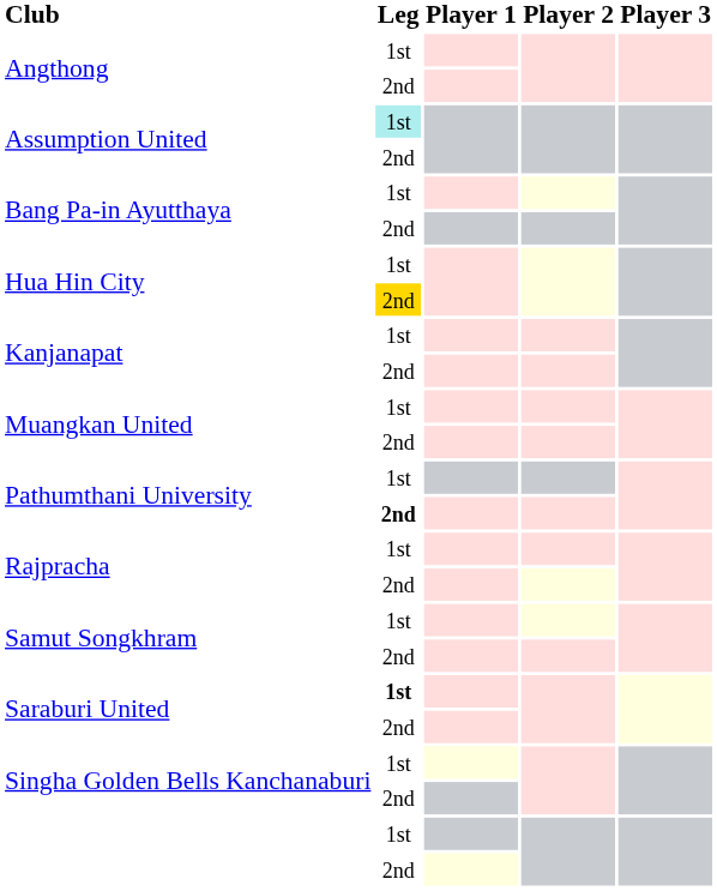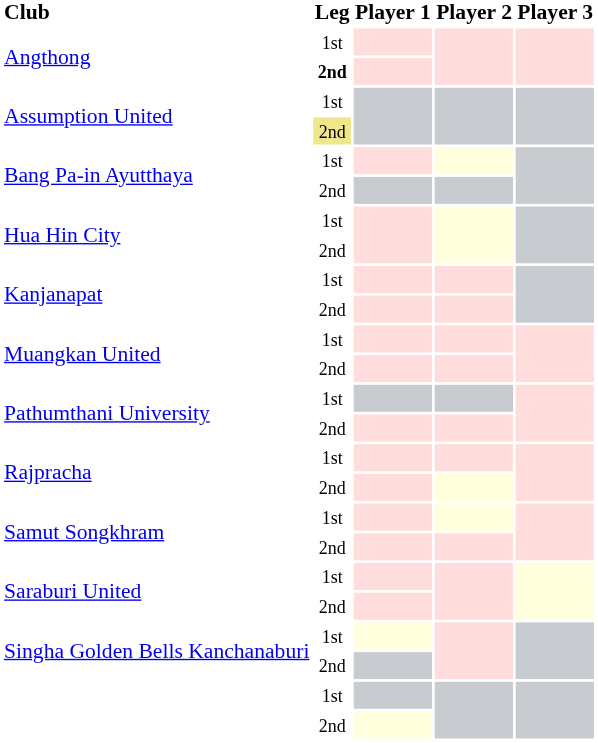 <table class="sortable" style="text-align:left">
 <tr>
 <th>Club</th>
 <th>Leg</th>
 <th>Player 1</th>
 <th>Player 2</th>
 <th>Player 3</th>
 </tr>
 <tr>
 <td rowspan="2"><a href='#'>Angthong</a></td>
 <td align="center"><small>1st</small></td>
 <td bgcolor="#ffdddd"></td>
 <td bgcolor="#ffdddd"rowspan="2"></td>
 <td bgcolor="#ffdddd"rowspan="2"></td>
 </tr>
 <tr>
-<td align="center"><small>2nd</small></td>
+<td align="center"><strong><small>2nd</small></strong></td>
 <td bgcolor="#ffdddd"></td>
 </tr>
 <tr>
 <td rowspan="2"><a href='#'>Assumption United</a></td>
-<td align="center" style="background: paleturquoise;"><small>1st</small></td>
+<td align="center"><small>1st</small></td>
 <td bgcolor="#c8ccd1"rowspan="2"></td>
 <td bgcolor="#c8ccd1"rowspan="2"></td>
 <td bgcolor="#c8ccd1"rowspan="2"></td>
 </tr>
 <tr>
-<td align="center"><small>2nd</small></td>
+<td align="center" style="background: khaki;"><small>2nd</small></td>
 </tr>
 <tr>
 <td rowspan="2"><a href='#'>Bang Pa-in Ayutthaya</a></td>
 <td align="center"><small>1st</small></td>
 <td bgcolor="#ffdddd"></td>
 <td bgcolor="#ffffdd"></td>
 <td bgcolor="#c8ccd1"rowspan="2"></td>
 </tr>
 <tr>
 <td align="center"><small>2nd</small></td>
 <td bgcolor="#c8ccd1"></td>
 <td bgcolor="#c8ccd1"></td>
 </tr>
 <tr>
 <td rowspan="2"><a href='#'>Hua Hin City</a></td>
 <td align="center"><small>1st</small></td>
 <td bgcolor="#ffdddd"rowspan="2"></td>
 <td bgcolor="#ffffdd"rowspan="2"></td>
 <td bgcolor="#c8ccd1"rowspan="2"></td>
 </tr>
 <tr>
-<td align="center" style="background: gold;"><small>2nd</small></td>
+<td align="center"><small>2nd</small></td>
 </tr>
 <tr>
 <td rowspan="2"><a href='#'>Kanjanapat</a></td>
 <td align="center"><small>1st</small></td>
 <td bgcolor="#ffdddd"></td>
 <td bgcolor="#ffdddd"></td>
 <td bgcolor="#c8ccd1"rowspan="2"></td>
 </tr>
 <tr>
 <td align="center"><small>2nd</small></td>
 <td bgcolor="#ffdddd"></td>
 <td bgcolor="#ffdddd"></td>
 </tr>
 <tr>
 <td rowspan="2"><a href='#'>Muangkan United</a></td>
 <td align="center"><small>1st</small></td>
 <td bgcolor="#ffdddd"></td>
 <td bgcolor="#ffdddd"></td>
 <td bgcolor="#ffdddd"rowspan="2"></td>
 </tr>
 <tr>
 <td align="center"><small>2nd</small></td>
 <td bgcolor="#ffdddd"></td>
 <td bgcolor="#ffdddd"></td>
 </tr>
 <tr>
 <td rowspan="2"><a href='#'>Pathumthani University</a></td>
 <td align="center"><small>1st</small></td>
 <td bgcolor="#c8ccd1"></td>
 <td bgcolor="#c8ccd1"></td>
 <td bgcolor="#ffdddd"rowspan="2"></td>
 </tr>
 <tr>
-<td align="center"><strong><small>2nd</small></strong></td>
+<td align="center"><small>2nd</small></td>
 <td bgcolor="#ffdddd"></td>
 <td bgcolor="#ffdddd"></td>
 </tr>
 <tr>
 <td rowspan="2"><a href='#'>Rajpracha</a></td>
 <td align="center"><small>1st</small></td>
 <td bgcolor="#ffdddd"></td>
 <td bgcolor="#ffdddd"></td>
 <td bgcolor="#ffdddd"rowspan="2"></td>
 </tr>
 <tr>
 <td align="center"><small>2nd</small></td>
 <td bgcolor="#ffdddd"></td>
 <td bgcolor="#ffffdd"></td>
 </tr>
 <tr>
 <td rowspan="2"><a href='#'>Samut Songkhram</a></td>
 <td align="center"><small>1st</small></td>
 <td bgcolor="#ffdddd"></td>
 <td bgcolor="#ffffdd"></td>
 <td bgcolor="#ffdddd"rowspan="2"></td>
 </tr>
 <tr>
 <td align="center"><small>2nd</small></td>
 <td bgcolor="#ffdddd"></td>
 <td bgcolor="#ffdddd"></td>
 </tr>
 <tr>
 <td rowspan="2"><a href='#'>Saraburi United</a></td>
-<td align="center"><strong><small>1st</small></strong></td>
+<td align="center"><small>1st</small></td>
 <td bgcolor="#ffdddd"></td>
 <td bgcolor="#ffdddd"rowspan="2"></td>
 <td bgcolor="#ffffdd"rowspan="2"></td>
 </tr>
 <tr>
 <td align="center"><small>2nd</small></td>
 <td bgcolor="#ffdddd"></td>
 </tr>
 <tr>
 <td rowspan="2"><a href='#'>Singha Golden Bells Kanchanaburi</a></td>
 <td align="center"><small>1st</small></td>
 <td bgcolor="#ffffdd"></td>
 <td bgcolor="#ffdddd"rowspan="2"></td>
 <td bgcolor="#c8ccd1"rowspan="2"></td>
 </tr>
 <tr>
 <td align="center"><small>2nd</small></td>
 <td bgcolor="#c8ccd1"></td>
 </tr>
 <tr>
 <td rowspan="2"></td>
 <td align="center"><small>1st</small></td>
 <td bgcolor="#c8ccd1"></td>
 <td bgcolor="#c8ccd1"rowspan="2"></td>
 <td bgcolor="#c8ccd1"rowspan="2"></td>
 </tr>
 <tr>
 <td align="center"><small>2nd</small></td>
 <td bgcolor="#ffffdd"></td>
 </tr>
 </table>
